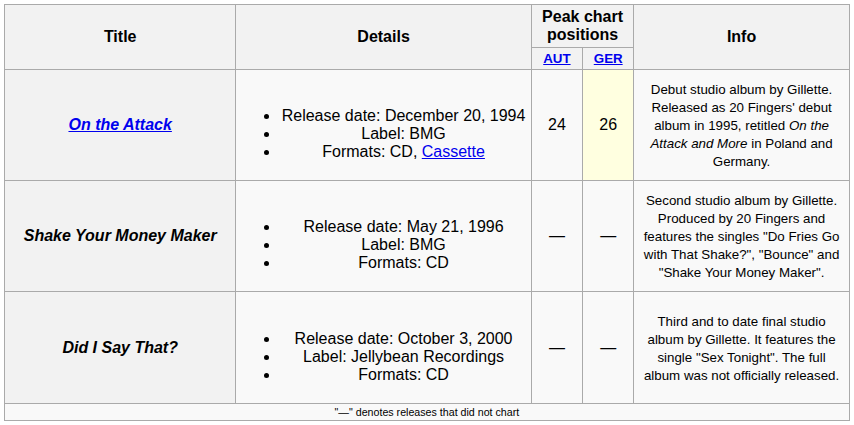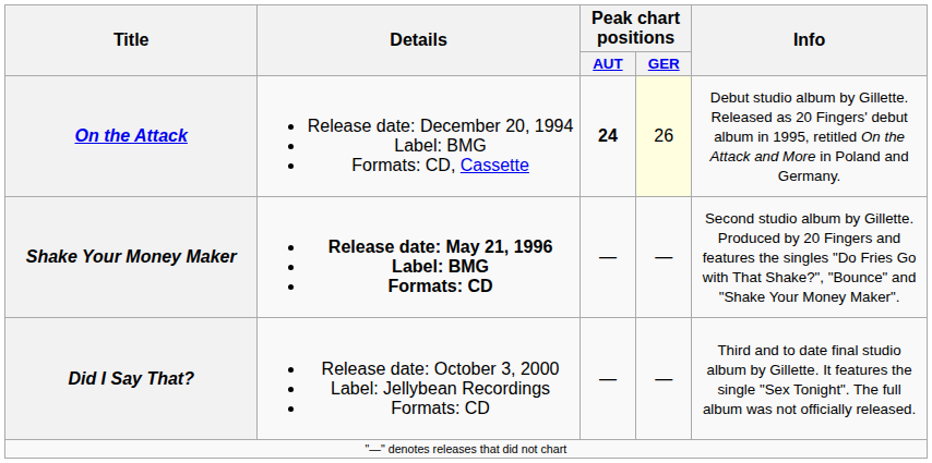 <table class="wikitable plainrowheaders" style="text-align:center;">
 <tr>
 <th rowspan="2" style="width:14em;">Title</th>
 <th rowspan="2" style="width:18em;">Details</th>
 <th colspan="2">Peak chart positions</th>
 <th scope="col" rowspan="2" style="width:13em;">Info</th>
 </tr>
 <tr style="font-size:smaller;">
 <th style="width:45px;"><a href='#'>AUT</a><br></th>
 <th style="width:45px;"><a href='#'>GER</a><br></th>
 </tr>
 <tr>
 <th scope="row"><em><a href='#'>On the Attack</a></em></th>
 <td><br><ul><li>Release date: December 20, 1994</li><li>Label: BMG</li><li>Formats: CD, <a href='#'>Cassette</a></li></ul></td>
-<td>24</td>
+<td><strong>24</strong></td>
 <td style="background: lightyellow;">26</td>
 <td><small>Debut studio album by Gillette. Released as 20 Fingers' debut album in 1995, retitled <em>On the Attack and More</em> in Poland and Germany.</small></td>
 </tr>
 <tr>
 <th scope="row"><em>Shake Your Money Maker</em></th>
-<td><br><ul><li>Release date: May 21, 1996</li><li>Label: BMG</li><li>Formats: CD</li></ul></td>
+<td><strong><br><ul><li>Release date: May 21, 1996</li><li>Label: BMG</li><li>Formats: CD</li></ul></strong></td>
 <td>—</td>
 <td>—</td>
 <td><small>Second studio album by Gillette. Produced by 20 Fingers and features the singles "Do Fries Go with That Shake?", "Bounce" and "Shake Your Money Maker".</small></td>
 </tr>
 <tr>
 <th scope="row"><em>Did I Say That?</em></th>
 <td><br><ul><li>Release date: October 3, 2000</li><li>Label: Jellybean Recordings</li><li>Formats: CD</li></ul></td>
 <td>—</td>
 <td>—</td>
 <td><small>Third and to date final studio album by Gillette. It features the single "Sex Tonight". The full album was not officially released.</small></td>
 </tr>
 <tr>
 <td colspan="15" style="font-size:8pt">"—" denotes releases that did not chart</td>
 </tr>
 </table>
